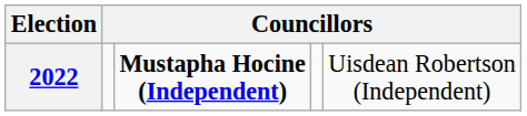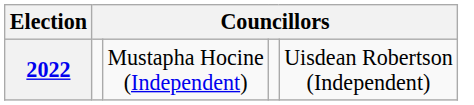 <table class="wikitable" style="text-align:center">
 <tr>
 <th>Election</th>
 <th colspan=4>Councillors</th>
 </tr>
 <tr>
 <th><a href='#'>2022</a></th>
 <td style="background-color: "></td>
-<td><strong>Mustapha Hocine<br>(<a href='#'>Independent</a>)</strong></td>
+<td>Mustapha Hocine<br>(<a href='#'>Independent</a>)</td>
 <td style="background-color: "></td>
 <td>Uisdean Robertson<br>(Independent)</td>
 </tr>
 </table>
